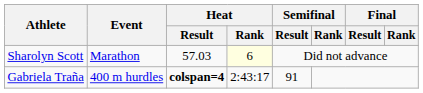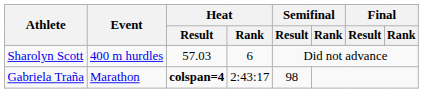 <table class="wikitable" style="font-size:90%">
 <tr>
 <th rowspan="2">Athlete</th>
 <th rowspan="2">Event</th>
 <th colspan="2">Heat</th>
 <th colspan="2">Semifinal</th>
 <th colspan="2">Final</th>
 </tr>
 <tr style="font-size:95%">
 <th>Result</th>
 <th>Rank</th>
 <th>Result</th>
 <th>Rank</th>
 <th>Result</th>
 <th>Rank</th>
 </tr>
 <tr align=center>
 <td align=left><a href='#'>Sharolyn Scott</a></td>
-<td align=left><a href='#'>Marathon</a></td>
+<td align=left><a href='#'>400 m hurdles</a></td>
 <td>57.03</td>
-<td style="background: lightyellow;">6</td>
+<td>6</td>
 <td colspan=4>Did not advance</td>
 </tr>
 <tr align=center>
 <td align=left><a href='#'>Gabriela Traña</a></td>
-<td align=left><a href='#'>400 m hurdles</a></td>
+<td align=left><a href='#'>Marathon</a></td>
 <td><strong>colspan=4 </strong></td>
 <td>2:43:17</td>
-<td>91</td>
+<td>98</td>
 </tr>
 </table>
